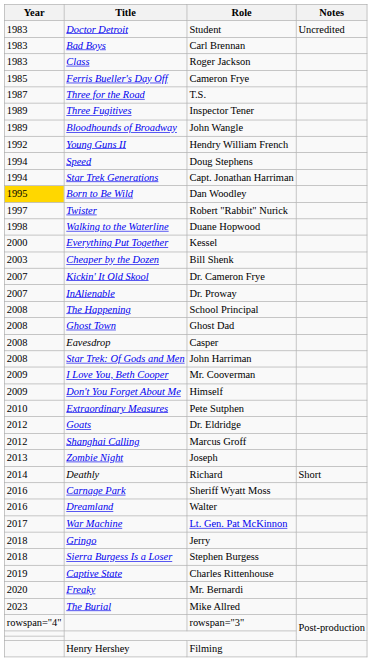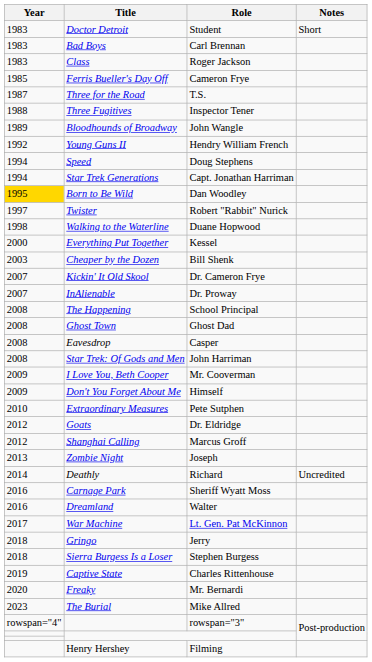 <table class="wikitable sortable">
 <tr>
 <th>Year</th>
 <th>Title</th>
 <th>Role</th>
 <th class="unsortable">Notes</th>
 </tr>
 <tr>
 <td>1983</td>
 <td><em><a href='#'>Doctor Detroit</a></em></td>
 <td>Student</td>
-<td>Uncredited</td>
+<td>Short</td>
 </tr>
 <tr>
 <td>1983</td>
 <td><em><a href='#'>Bad Boys</a></em></td>
 <td>Carl Brennan</td>
 <td></td>
 </tr>
 <tr>
 <td>1983</td>
 <td><em><a href='#'>Class</a></em></td>
 <td>Roger Jackson</td>
 <td></td>
 </tr>
 <tr>
 <td>1985</td>
 <td><em><a href='#'>Ferris Bueller's Day Off</a></em></td>
 <td>Cameron Frye</td>
 <td></td>
 </tr>
 <tr>
 <td>1987</td>
 <td><em><a href='#'>Three for the Road</a></em></td>
 <td>T.S.</td>
 <td></td>
 </tr>
 <tr>
-<td>1989</td>
+<td>1988</td>
 <td><em><a href='#'>Three Fugitives</a></em></td>
 <td>Inspector Tener</td>
 <td></td>
 </tr>
 <tr>
 <td>1989</td>
 <td><em><a href='#'>Bloodhounds of Broadway</a></em></td>
 <td>John Wangle</td>
 <td></td>
 </tr>
 <tr>
 <td>1992</td>
 <td><em><a href='#'>Young Guns II</a></em></td>
 <td>Hendry William French</td>
 <td></td>
 </tr>
 <tr>
 <td>1994</td>
 <td><em><a href='#'>Speed</a></em></td>
 <td>Doug Stephens</td>
 <td></td>
 </tr>
 <tr>
 <td>1994</td>
 <td><em><a href='#'>Star Trek Generations</a></em></td>
 <td>Capt. Jonathan Harriman</td>
 <td></td>
 </tr>
 <tr>
 <td style="background: gold;">1995</td>
 <td><em><a href='#'>Born to Be Wild</a></em></td>
 <td>Dan Woodley</td>
 <td></td>
 </tr>
 <tr>
 <td>1997</td>
 <td><em><a href='#'>Twister</a></em></td>
 <td>Robert "Rabbit" Nurick</td>
 <td></td>
 </tr>
 <tr>
 <td>1998</td>
 <td><em><a href='#'>Walking to the Waterline</a></em></td>
 <td>Duane Hopwood</td>
 <td></td>
 </tr>
 <tr>
 <td>2000</td>
 <td><em><a href='#'>Everything Put Together</a></em></td>
 <td>Kessel</td>
 <td></td>
 </tr>
 <tr>
 <td>2003</td>
 <td><em><a href='#'>Cheaper by the Dozen</a></em></td>
 <td>Bill Shenk</td>
 <td></td>
 </tr>
 <tr>
 <td>2007</td>
 <td><em><a href='#'>Kickin' It Old Skool</a></em></td>
 <td>Dr. Cameron Frye</td>
 <td></td>
 </tr>
 <tr>
 <td>2007</td>
 <td><em><a href='#'>InAlienable</a></em></td>
 <td>Dr. Proway</td>
 <td></td>
 </tr>
 <tr>
 <td>2008</td>
 <td><em><a href='#'>The Happening</a></em></td>
 <td>School Principal</td>
 <td></td>
 </tr>
 <tr>
 <td>2008</td>
 <td><em><a href='#'>Ghost Town</a></em></td>
 <td>Ghost Dad</td>
 <td></td>
 </tr>
 <tr>
 <td>2008</td>
 <td><em>Eavesdrop</em></td>
 <td>Casper</td>
 <td></td>
 </tr>
 <tr>
 <td>2008</td>
 <td><em><a href='#'>Star Trek: Of Gods and Men</a></em></td>
 <td>John Harriman</td>
 <td></td>
 </tr>
 <tr>
 <td>2009</td>
 <td><em><a href='#'>I Love You, Beth Cooper</a></em></td>
 <td>Mr. Cooverman</td>
 <td></td>
 </tr>
 <tr>
 <td>2009</td>
 <td><em><a href='#'>Don't You Forget About Me</a></em></td>
 <td>Himself</td>
 <td></td>
 </tr>
 <tr>
 <td>2010</td>
 <td><em><a href='#'>Extraordinary Measures</a></em></td>
 <td>Pete Sutphen</td>
 <td></td>
 </tr>
 <tr>
 <td>2012</td>
 <td><em><a href='#'>Goats</a></em></td>
 <td>Dr. Eldridge</td>
 <td></td>
 </tr>
 <tr>
 <td>2012</td>
 <td><em><a href='#'>Shanghai Calling</a></em></td>
 <td>Marcus Groff</td>
 <td></td>
 </tr>
 <tr>
 <td>2013</td>
 <td><em><a href='#'>Zombie Night</a></em></td>
 <td>Joseph</td>
 <td></td>
 </tr>
 <tr>
 <td>2014</td>
 <td><em>Deathly</em></td>
 <td>Richard</td>
-<td>Short</td>
+<td>Uncredited</td>
 </tr>
 <tr>
 <td>2016</td>
 <td><em><a href='#'>Carnage Park</a></em></td>
 <td>Sheriff Wyatt Moss</td>
 <td></td>
 </tr>
 <tr>
 <td>2016</td>
 <td><em><a href='#'>Dreamland</a></em></td>
 <td>Walter</td>
 <td></td>
 </tr>
 <tr>
 <td>2017</td>
 <td><em><a href='#'>War Machine</a></em></td>
 <td><a href='#'>Lt. Gen. Pat McKinnon</a></td>
 <td></td>
 </tr>
 <tr>
 <td>2018</td>
 <td><em><a href='#'>Gringo</a></em></td>
 <td>Jerry</td>
 <td></td>
 </tr>
 <tr>
 <td>2018</td>
 <td><em><a href='#'>Sierra Burgess Is a Loser</a></em></td>
 <td>Stephen Burgess</td>
 <td></td>
 </tr>
 <tr>
 <td>2019</td>
 <td><em><a href='#'>Captive State</a></em></td>
 <td>Charles Rittenhouse</td>
 <td></td>
 </tr>
 <tr>
 <td>2020</td>
 <td><em><a href='#'>Freaky</a></em></td>
 <td>Mr. Bernardi</td>
 <td></td>
 </tr>
 <tr>
 <td>2023</td>
 <td><em><a href='#'>The Burial</a></em></td>
 <td>Mike Allred</td>
 <td></td>
 </tr>
 <tr>
 <td>rowspan="4" </td>
 <td></td>
 <td>rowspan="3" </td>
 <td rowspan="3">Post-production</td>
 </tr>
 <tr>
 <td></td>
 </tr>
 <tr>
 <td></td>
 </tr>
 <tr>
 <td></td>
 <td>Henry Hershey</td>
 <td>Filming</td>
 </tr>
 </table>
